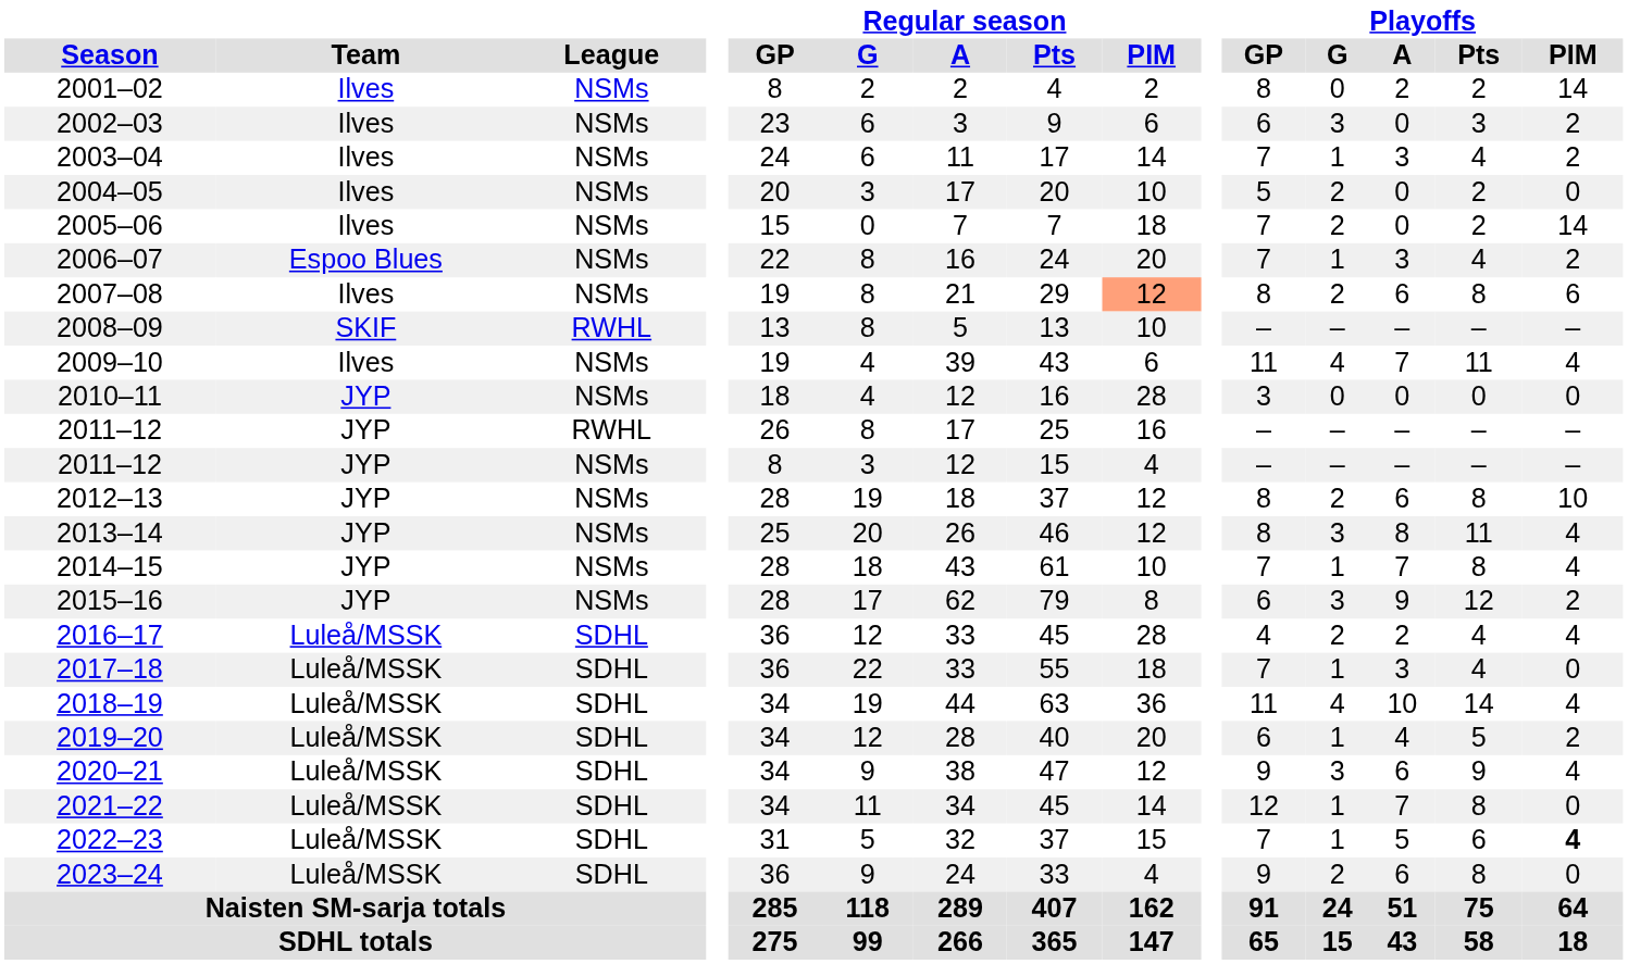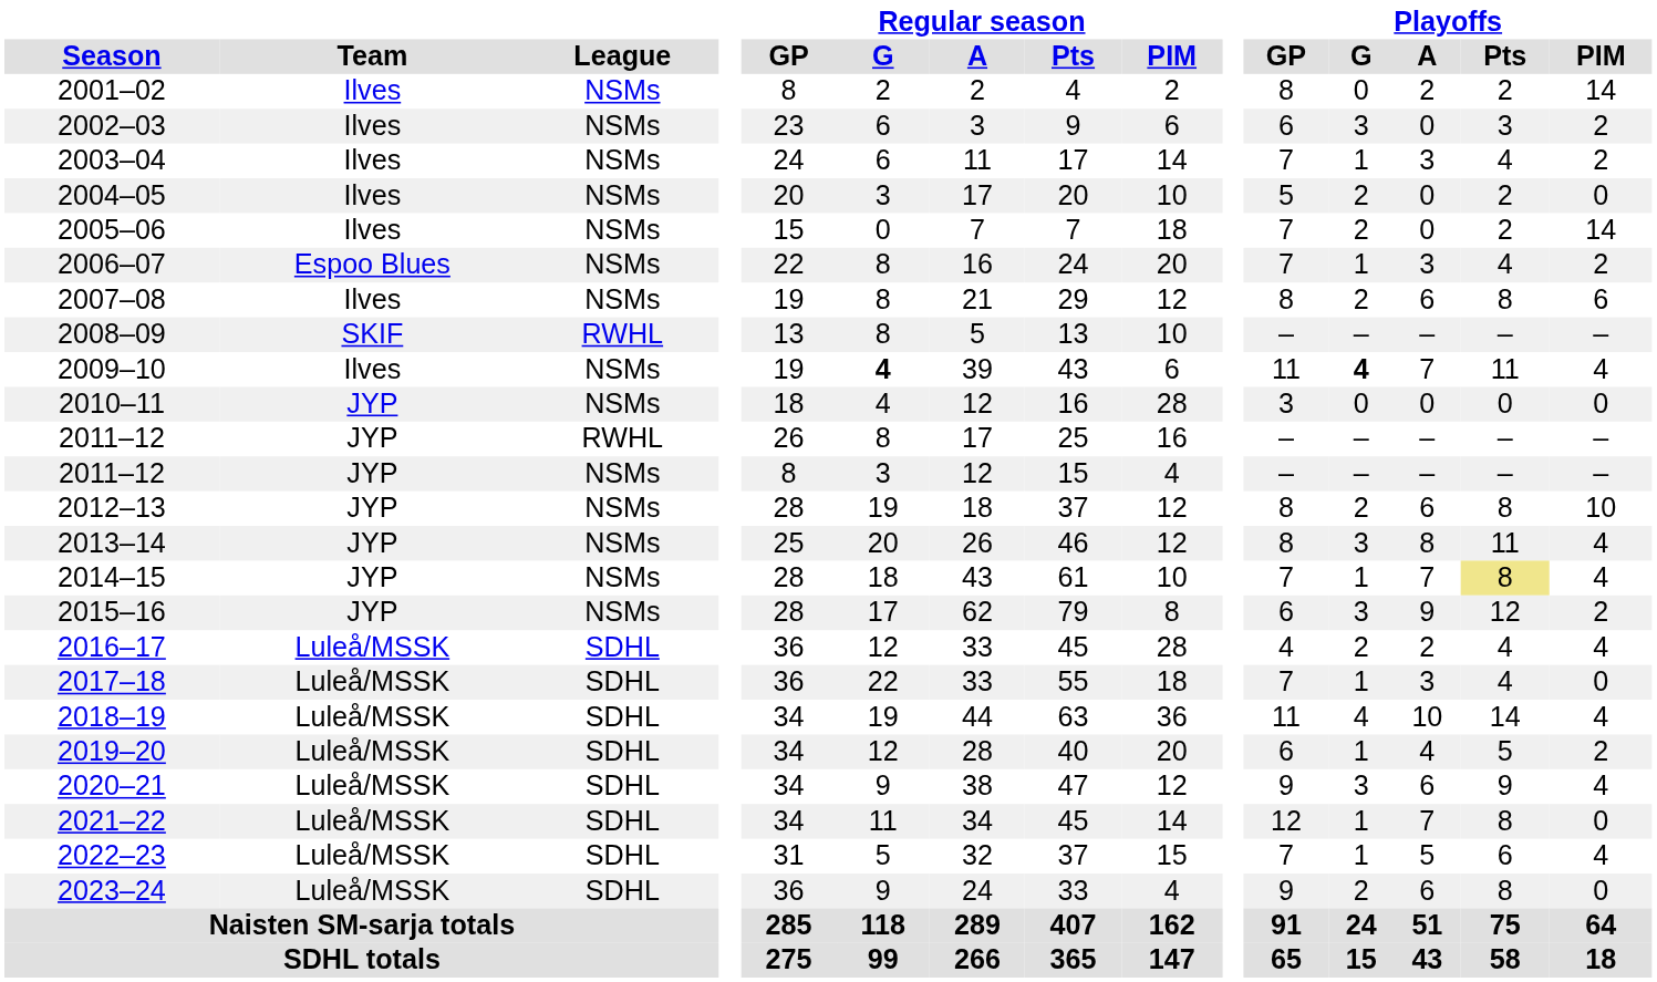 <table border="0" cellpadding="1" cellspacing="0" width="75%" style="text-align:center">
 <tr>
 <th colspan="3" bgcolor="#ffffff"> </th>
 <th rowspan="100" bgcolor="#ffffff"> </th>
 <th colspan="5"><a href='#'>Regular season</a></th>
 <th rowspan="100" bgcolor="#ffffff"> </th>
 <th colspan="5"><a href='#'>Playoffs</a></th>
 </tr>
 <tr bgcolor="#e0e0e0">
 <th><a href='#'>Season</a></th>
 <th>Team</th>
 <th>League</th>
 <th>GP</th>
 <th><a href='#'>G</a></th>
 <th><a href='#'>A</a></th>
 <th><a href='#'>Pts</a></th>
 <th><a href='#'>PIM</a></th>
 <th>GP</th>
 <th>G</th>
 <th>A</th>
 <th>Pts</th>
 <th>PIM</th>
 </tr>
 <tr>
 <td>2001–02</td>
 <td><a href='#'>Ilves</a></td>
 <td><a href='#'>NSMs</a></td>
 <td>8</td>
 <td>2</td>
 <td>2</td>
 <td>4</td>
 <td>2</td>
 <td>8</td>
 <td>0</td>
 <td>2</td>
 <td>2</td>
 <td>14</td>
 </tr>
 <tr bgcolor="#f0f0f0">
 <td>2002–03</td>
 <td>Ilves</td>
 <td>NSMs</td>
 <td>23</td>
 <td>6</td>
 <td>3</td>
 <td>9</td>
 <td>6</td>
 <td>6</td>
 <td>3</td>
 <td>0</td>
 <td>3</td>
 <td>2</td>
 </tr>
 <tr>
 <td>2003–04</td>
 <td>Ilves</td>
 <td>NSMs</td>
 <td>24</td>
 <td>6</td>
 <td>11</td>
 <td>17</td>
 <td>14</td>
 <td>7</td>
 <td>1</td>
 <td>3</td>
 <td>4</td>
 <td>2</td>
 </tr>
 <tr bgcolor="#f0f0f0">
 <td>2004–05</td>
 <td>Ilves</td>
 <td>NSMs</td>
 <td>20</td>
 <td>3</td>
 <td>17</td>
 <td>20</td>
 <td>10</td>
 <td>5</td>
 <td>2</td>
 <td>0</td>
 <td>2</td>
 <td>0</td>
 </tr>
 <tr>
 <td>2005–06</td>
 <td>Ilves</td>
 <td>NSMs</td>
 <td>15</td>
 <td>0</td>
 <td>7</td>
 <td>7</td>
 <td>18</td>
 <td>7</td>
 <td>2</td>
 <td>0</td>
 <td>2</td>
 <td>14</td>
 </tr>
 <tr bgcolor="#f0f0f0">
 <td>2006–07</td>
 <td><a href='#'>Espoo Blues</a></td>
 <td>NSMs</td>
 <td>22</td>
 <td>8</td>
 <td>16</td>
 <td>24</td>
 <td>20</td>
 <td>7</td>
 <td>1</td>
 <td>3</td>
 <td>4</td>
 <td>2</td>
 </tr>
 <tr>
 <td>2007–08</td>
 <td>Ilves</td>
 <td>NSMs</td>
 <td>19</td>
 <td>8</td>
 <td>21</td>
 <td>29</td>
-<td style="background: lightsalmon;">12</td>
+<td>12</td>
 <td>8</td>
 <td>2</td>
 <td>6</td>
 <td>8</td>
 <td>6</td>
 </tr>
 <tr bgcolor="#f0f0f0">
 <td>2008–09</td>
 <td><a href='#'>SKIF</a></td>
 <td><a href='#'>RWHL</a></td>
 <td>13</td>
 <td>8</td>
 <td>5</td>
 <td>13</td>
 <td>10</td>
 <td>–</td>
 <td>–</td>
 <td>–</td>
 <td>–</td>
 <td>–</td>
 </tr>
 <tr>
 <td>2009–10</td>
 <td>Ilves</td>
 <td>NSMs</td>
 <td>19</td>
-<td>4</td>
+<td><strong>4</strong></td>
 <td>39</td>
 <td>43</td>
 <td>6</td>
 <td>11</td>
-<td>4</td>
+<td><strong>4</strong></td>
 <td>7</td>
 <td>11</td>
 <td>4</td>
 </tr>
 <tr bgcolor="#f0f0f0">
 <td>2010–11</td>
 <td><a href='#'>JYP</a></td>
 <td>NSMs</td>
 <td>18</td>
 <td>4</td>
 <td>12</td>
 <td>16</td>
 <td>28</td>
 <td>3</td>
 <td>0</td>
 <td>0</td>
 <td>0</td>
 <td>0</td>
 </tr>
 <tr>
 <td>2011–12</td>
 <td>JYP</td>
 <td>RWHL</td>
 <td>26</td>
 <td>8</td>
 <td>17</td>
 <td>25</td>
 <td>16</td>
 <td>–</td>
 <td>–</td>
 <td>–</td>
 <td>–</td>
 <td>–</td>
 </tr>
 <tr bgcolor="#f0f0f0">
 <td>2011–12</td>
 <td>JYP</td>
 <td>NSMs</td>
 <td>8</td>
 <td>3</td>
 <td>12</td>
 <td>15</td>
 <td>4</td>
 <td>–</td>
 <td>–</td>
 <td>–</td>
 <td>–</td>
 <td>–</td>
 </tr>
 <tr>
 <td>2012–13</td>
 <td>JYP</td>
 <td>NSMs</td>
 <td>28</td>
 <td>19</td>
 <td>18</td>
 <td>37</td>
 <td>12</td>
 <td>8</td>
 <td>2</td>
 <td>6</td>
 <td>8</td>
 <td>10</td>
 </tr>
 <tr bgcolor="#f0f0f0">
 <td>2013–14</td>
 <td>JYP</td>
 <td>NSMs</td>
 <td>25</td>
 <td>20</td>
 <td>26</td>
 <td>46</td>
 <td>12</td>
 <td>8</td>
 <td>3</td>
 <td>8</td>
 <td>11</td>
 <td>4</td>
 </tr>
 <tr>
 <td>2014–15</td>
 <td>JYP</td>
 <td>NSMs</td>
 <td>28</td>
 <td>18</td>
 <td>43</td>
 <td>61</td>
 <td>10</td>
 <td>7</td>
 <td>1</td>
 <td>7</td>
-<td>8</td>
+<td style="background: khaki;">8</td>
 <td>4</td>
 </tr>
 <tr bgcolor="#f0f0f0">
 <td>2015–16</td>
 <td>JYP</td>
 <td>NSMs</td>
 <td>28</td>
 <td>17</td>
 <td>62</td>
 <td>79</td>
 <td>8</td>
 <td>6</td>
 <td>3</td>
 <td>9</td>
 <td>12</td>
 <td>2</td>
 </tr>
 <tr>
 <td><a href='#'>2016–17</a></td>
 <td><a href='#'>Luleå/MSSK</a></td>
 <td><a href='#'>SDHL</a></td>
 <td>36</td>
 <td>12</td>
 <td>33</td>
 <td>45</td>
 <td>28</td>
 <td>4</td>
 <td>2</td>
 <td>2</td>
 <td>4</td>
 <td>4</td>
 </tr>
 <tr bgcolor="#f0f0f0">
 <td><a href='#'>2017–18</a></td>
 <td>Luleå/MSSK</td>
 <td>SDHL</td>
 <td>36</td>
 <td>22</td>
 <td>33</td>
 <td>55</td>
 <td>18</td>
 <td>7</td>
 <td>1</td>
 <td>3</td>
 <td>4</td>
 <td>0</td>
 </tr>
 <tr>
 <td><a href='#'>2018–19</a></td>
 <td>Luleå/MSSK</td>
 <td>SDHL</td>
 <td>34</td>
 <td>19</td>
 <td>44</td>
 <td>63</td>
 <td>36</td>
 <td>11</td>
 <td>4</td>
 <td>10</td>
 <td>14</td>
 <td>4</td>
 </tr>
 <tr bgcolor="#f0f0f0">
 <td><a href='#'>2019–20</a></td>
 <td>Luleå/MSSK</td>
 <td>SDHL</td>
 <td>34</td>
 <td>12</td>
 <td>28</td>
 <td>40</td>
 <td>20</td>
 <td>6</td>
 <td>1</td>
 <td>4</td>
 <td>5</td>
 <td>2</td>
 </tr>
 <tr>
 <td><a href='#'>2020–21</a></td>
 <td>Luleå/MSSK</td>
 <td>SDHL</td>
 <td>34</td>
 <td>9</td>
 <td>38</td>
 <td>47</td>
 <td>12</td>
 <td>9</td>
 <td>3</td>
 <td>6</td>
 <td>9</td>
 <td>4</td>
 </tr>
 <tr bgcolor="#f0f0f0">
 <td><a href='#'>2021–22</a></td>
 <td>Luleå/MSSK</td>
 <td>SDHL</td>
 <td>34</td>
 <td>11</td>
 <td>34</td>
 <td>45</td>
 <td>14</td>
 <td>12</td>
 <td>1</td>
 <td>7</td>
 <td>8</td>
 <td>0</td>
 </tr>
 <tr>
 <td><a href='#'>2022–23</a></td>
 <td>Luleå/MSSK</td>
 <td>SDHL</td>
 <td>31</td>
 <td>5</td>
 <td>32</td>
 <td>37</td>
 <td>15</td>
 <td>7</td>
 <td>1</td>
 <td>5</td>
 <td>6</td>
-<td><strong>4</strong></td>
+<td>4</td>
 </tr>
 <tr bgcolor="#f0f0f0">
 <td><a href='#'>2023–24</a></td>
 <td>Luleå/MSSK</td>
 <td>SDHL</td>
 <td>36</td>
 <td>9</td>
 <td>24</td>
 <td>33</td>
 <td>4</td>
 <td>9</td>
 <td>2</td>
 <td>6</td>
 <td>8</td>
 <td>0</td>
 </tr>
 <tr bgcolor="#e0e0e0">
 <th colspan="3">Naisten SM-sarja totals</th>
 <th>285</th>
 <th>118</th>
 <th>289</th>
 <th>407</th>
 <th>162</th>
 <th>91</th>
 <th>24</th>
 <th>51</th>
 <th>75</th>
 <th>64</th>
 </tr>
 <tr bgcolor="#e0e0e0">
 <th colspan="3">SDHL totals</th>
 <th>275</th>
 <th>99</th>
 <th>266</th>
 <th>365</th>
 <th>147</th>
 <th>65</th>
 <th>15</th>
 <th>43</th>
 <th>58</th>
 <th>18</th>
 </tr>
 </table>
